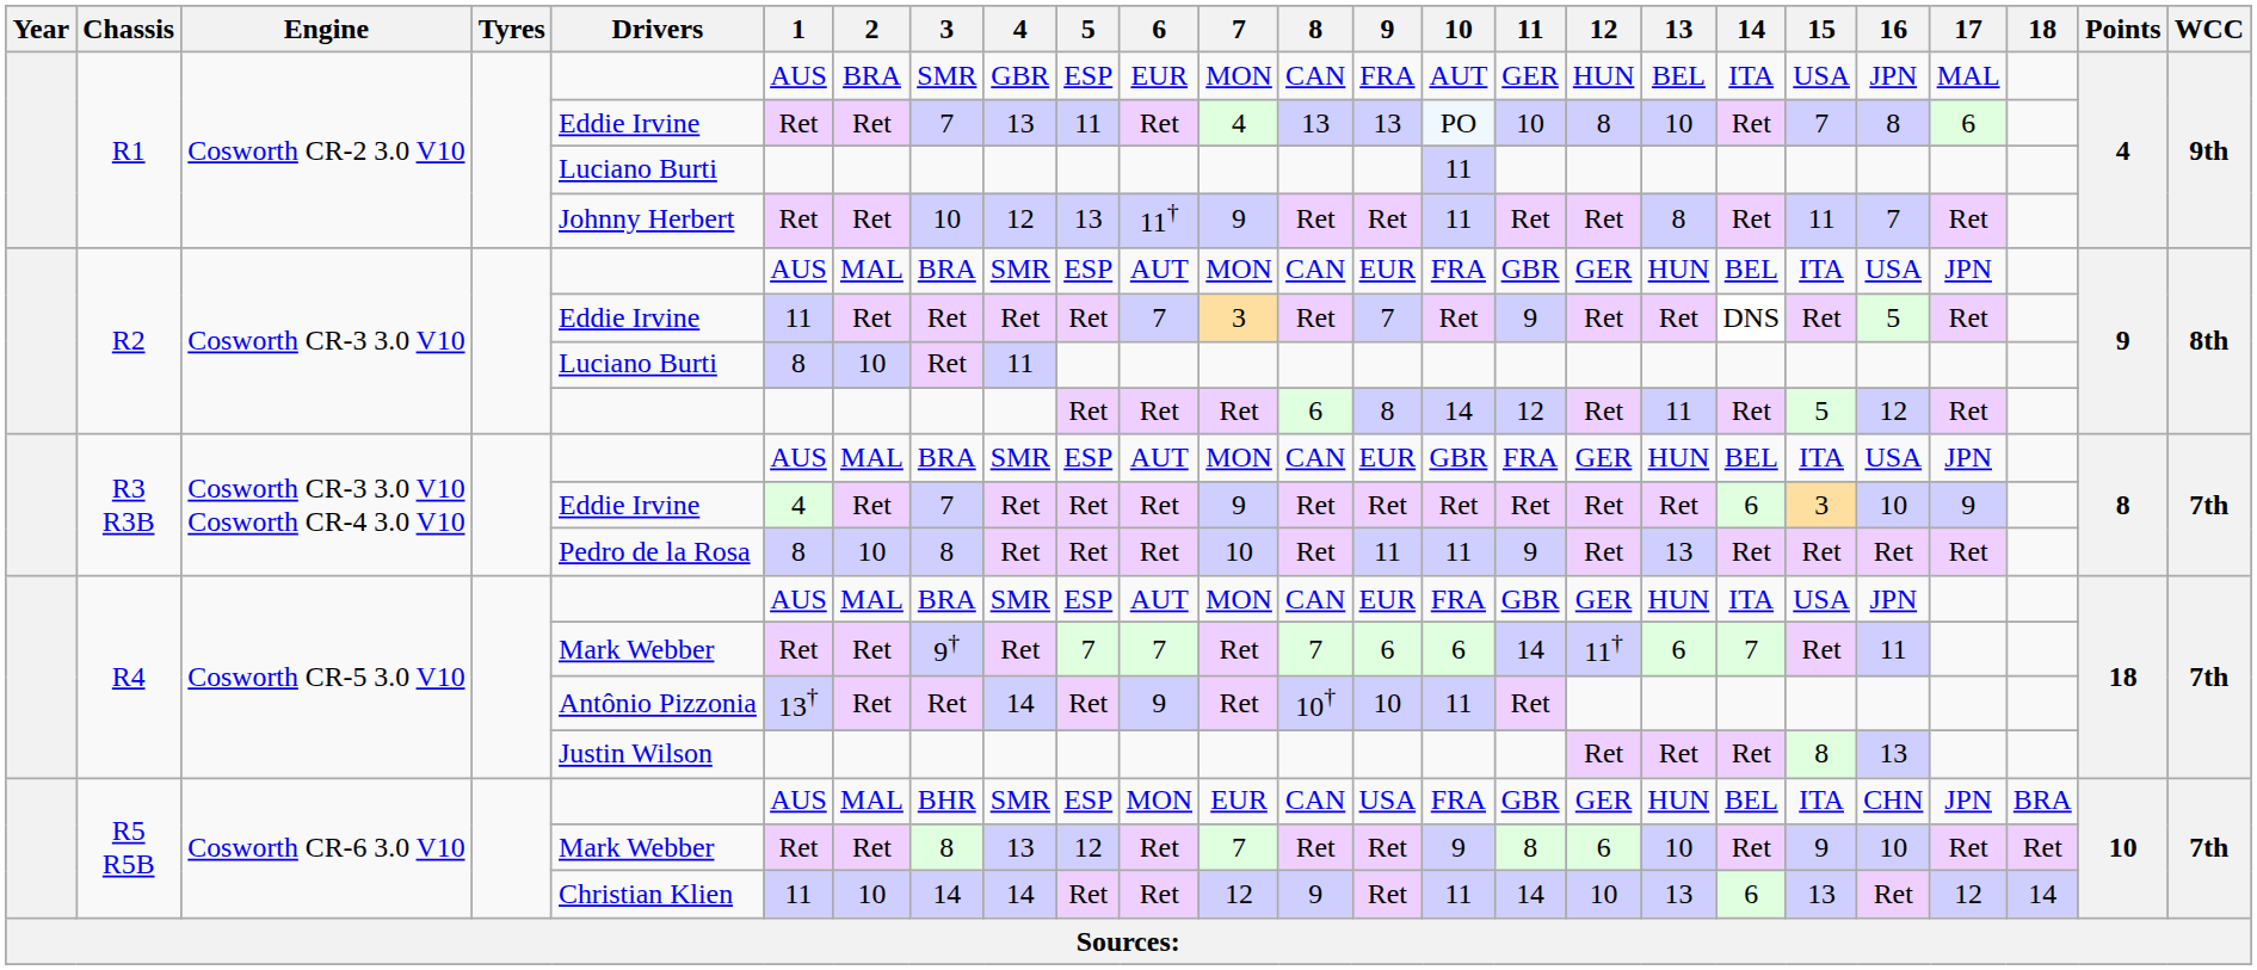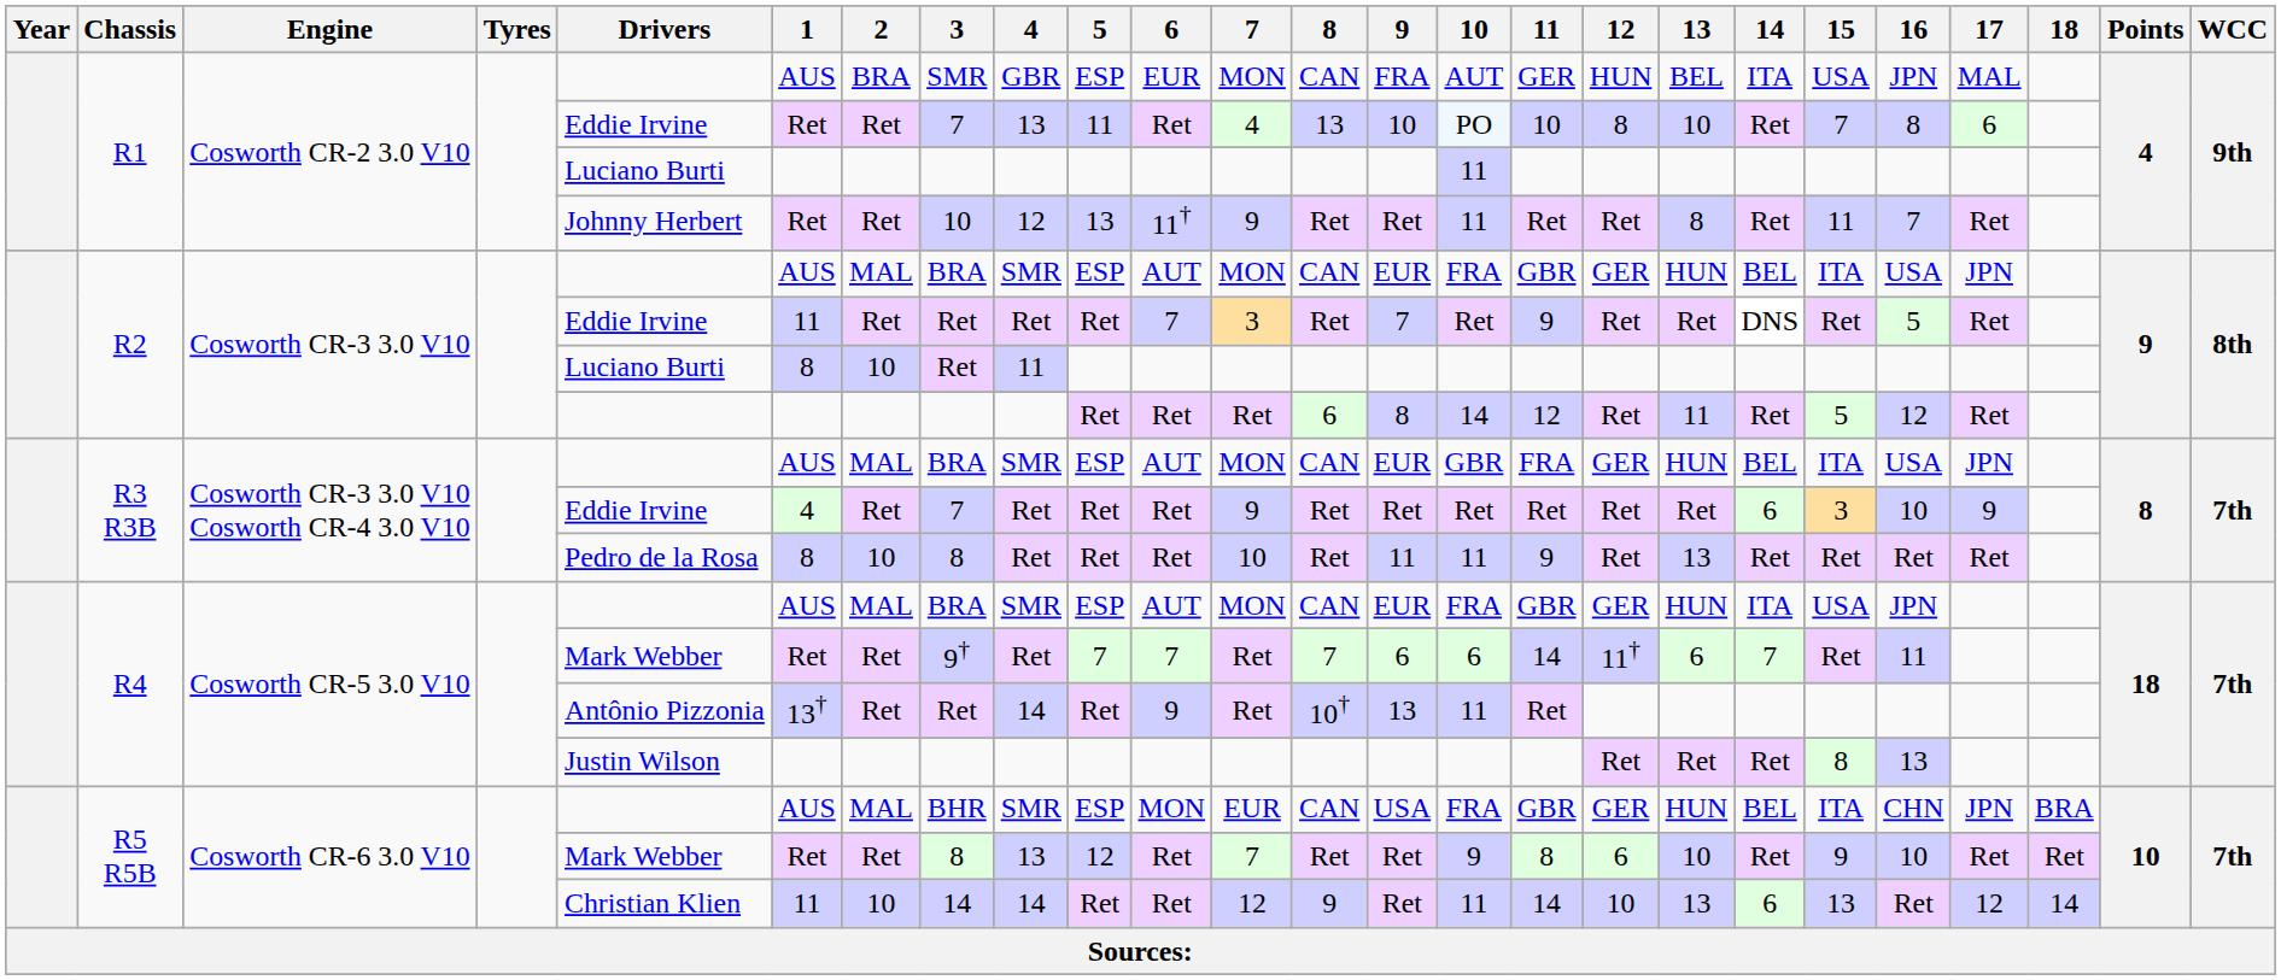 <table class="wikitable" style="text-align:center; font-size:85%">
 <tr>
 <th>Year</th>
 <th>Chassis</th>
 <th>Engine</th>
 <th>Tyres</th>
 <th>Drivers</th>
 <th>1</th>
 <th>2</th>
 <th>3</th>
 <th>4</th>
 <th>5</th>
 <th>6</th>
 <th>7</th>
 <th>8</th>
 <th>9</th>
 <th>10</th>
 <th>11</th>
 <th>12</th>
 <th>13</th>
 <th>14</th>
 <th>15</th>
 <th>16</th>
 <th>17</th>
 <th>18</th>
 <th>Points</th>
 <th>WCC</th>
 </tr>
 <tr>
 <th rowspan="4"></th>
 <td rowspan="4"><a href='#'>R1</a></td>
 <td rowspan="4"><a href='#'>Cosworth</a> CR-2 3.0 <a href='#'>V10</a></td>
 <td rowspan="4"></td>
 <td></td>
 <td><a href='#'>AUS</a></td>
 <td><a href='#'>BRA</a></td>
 <td><a href='#'>SMR</a></td>
 <td><a href='#'>GBR</a></td>
 <td><a href='#'>ESP</a></td>
 <td><a href='#'>EUR</a></td>
 <td><a href='#'>MON</a></td>
 <td><a href='#'>CAN</a></td>
 <td><a href='#'>FRA</a></td>
 <td><a href='#'>AUT</a></td>
 <td><a href='#'>GER</a></td>
 <td><a href='#'>HUN</a></td>
 <td><a href='#'>BEL</a></td>
 <td><a href='#'>ITA</a></td>
 <td><a href='#'>USA</a></td>
 <td><a href='#'>JPN</a></td>
 <td><a href='#'>MAL</a></td>
 <td></td>
 <th rowspan="4">4</th>
 <th rowspan="4">9th</th>
 </tr>
 <tr>
 <td style="text-align:left"> <a href='#'>Eddie Irvine</a></td>
 <td style="background:#EFCFFF">Ret</td>
 <td style="background:#EFCFFF">Ret</td>
 <td style="background:#CFCFFF">7</td>
 <td style="background:#CFCFFF">13</td>
 <td style="background:#CFCFFF">11</td>
 <td style="background:#EFCFFF">Ret</td>
 <td style="background:#DFFFDF">4</td>
 <td style="background:#CFCFFF">13</td>
-<td style="background:#CFCFFF">13</td>
+<td style="background:#CFCFFF">10</td>
 <td style="background:#F0F8FF">PO</td>
 <td style="background:#CFCFFF">10</td>
 <td style="background:#CFCFFF">8</td>
 <td style="background:#CFCFFF">10</td>
 <td style="background:#EFCFFF">Ret</td>
 <td style="background:#CFCFFF">7</td>
 <td style="background:#CFCFFF">8</td>
 <td style="background:#DFFFDF">6</td>
 <td></td>
 </tr>
 <tr>
 <td style="text-align:left"> <a href='#'>Luciano Burti</a></td>
 <td></td>
 <td></td>
 <td></td>
 <td></td>
 <td></td>
 <td></td>
 <td></td>
 <td></td>
 <td></td>
 <td style="background:#CFCFFF">11</td>
 <td></td>
 <td></td>
 <td></td>
 <td></td>
 <td></td>
 <td></td>
 <td></td>
 <td></td>
 </tr>
 <tr>
 <td style="text-align:left"> <a href='#'>Johnny Herbert</a></td>
 <td style="background:#EFCFFF">Ret</td>
 <td style="background:#EFCFFF">Ret</td>
 <td style="background:#CFCFFF">10</td>
 <td style="background:#CFCFFF">12</td>
 <td style="background:#CFCFFF">13</td>
 <td style="background:#CFCFFF">11<sup>†</sup></td>
 <td style="background:#CFCFFF">9</td>
 <td style="background:#EFCFFF">Ret</td>
 <td style="background:#EFCFFF">Ret</td>
 <td style="background:#CFCFFF">11</td>
 <td style="background:#EFCFFF">Ret</td>
 <td style="background:#EFCFFF">Ret</td>
 <td style="background:#CFCFFF">8</td>
 <td style="background:#EFCFFF">Ret</td>
 <td style="background:#CFCFFF">11</td>
 <td style="background:#CFCFFF">7</td>
 <td style="background:#EFCFFF">Ret</td>
 <td></td>
 </tr>
 <tr>
 <th rowspan="4"></th>
 <td rowspan="4"><a href='#'>R2</a></td>
 <td rowspan="4"><a href='#'>Cosworth</a> CR-3 3.0 <a href='#'>V10</a></td>
 <td rowspan="4"></td>
 <td></td>
 <td><a href='#'>AUS</a></td>
 <td><a href='#'>MAL</a></td>
 <td><a href='#'>BRA</a></td>
 <td><a href='#'>SMR</a></td>
 <td><a href='#'>ESP</a></td>
 <td><a href='#'>AUT</a></td>
 <td><a href='#'>MON</a></td>
 <td><a href='#'>CAN</a></td>
 <td><a href='#'>EUR</a></td>
 <td><a href='#'>FRA</a></td>
 <td><a href='#'>GBR</a></td>
 <td><a href='#'>GER</a></td>
 <td><a href='#'>HUN</a></td>
 <td><a href='#'>BEL</a></td>
 <td><a href='#'>ITA</a></td>
 <td><a href='#'>USA</a></td>
 <td><a href='#'>JPN</a></td>
 <td></td>
 <th rowspan="4">9</th>
 <th rowspan="4">8th</th>
 </tr>
 <tr>
 <td style="text-align:left"> <a href='#'>Eddie Irvine</a></td>
 <td style="background:#CFCFFF">11</td>
 <td style="background:#EFCFFF">Ret</td>
 <td style="background:#EFCFFF">Ret</td>
 <td style="background:#EFCFFF">Ret</td>
 <td style="background:#EFCFFF">Ret</td>
 <td style="background:#CFCFFF">7</td>
 <td style="background:#FFDF9F">3</td>
 <td style="background:#EFCFFF">Ret</td>
 <td style="background:#CFCFFF">7</td>
 <td style="background:#EFCFFF">Ret</td>
 <td style="background:#CFCFFF">9</td>
 <td style="background:#EFCFFF">Ret</td>
 <td style="background:#EFCFFF">Ret</td>
 <td style="background:#FFF">DNS</td>
 <td style="background:#EFCFFF">Ret</td>
 <td style="background:#DFFFDF">5</td>
 <td style="background:#EFCFFF">Ret</td>
 <td></td>
 </tr>
 <tr>
 <td style="text-align:left"> <a href='#'>Luciano Burti</a></td>
 <td style="background:#CFCFFF">8</td>
 <td style="background:#CFCFFF">10</td>
 <td style="background:#EFCFFF">Ret</td>
 <td style="background:#CFCFFF">11</td>
 <td></td>
 <td></td>
 <td></td>
 <td></td>
 <td></td>
 <td></td>
 <td></td>
 <td></td>
 <td></td>
 <td></td>
 <td></td>
 <td></td>
 <td></td>
 <td></td>
 </tr>
 <tr>
 <td style="text-align:left"></td>
 <td></td>
 <td></td>
 <td></td>
 <td></td>
 <td style="background:#EFCFFF">Ret</td>
 <td style="background:#EFCFFF">Ret</td>
 <td style="background:#EFCFFF">Ret</td>
 <td style="background:#DFFFDF">6</td>
 <td style="background:#CFCFFF">8</td>
 <td style="background:#CFCFFF">14</td>
 <td style="background:#CFCFFF">12</td>
 <td style="background:#EFCFFF">Ret</td>
 <td style="background:#CFCFFF">11</td>
 <td style="background:#EFCFFF">Ret</td>
 <td style="background:#DFFFDF">5</td>
 <td style="background:#CFCFFF">12</td>
 <td style="background:#EFCFFF">Ret</td>
 <td></td>
 </tr>
 <tr>
 <th rowspan="3"></th>
 <td rowspan="3"><a href='#'>R3</a><br><a href='#'>R3B</a></td>
 <td rowspan="3"><a href='#'>Cosworth</a> CR-3 3.0 <a href='#'>V10</a><br><a href='#'>Cosworth</a> CR-4 3.0 <a href='#'>V10</a></td>
 <td rowspan="3"></td>
 <td></td>
 <td><a href='#'>AUS</a></td>
 <td><a href='#'>MAL</a></td>
 <td><a href='#'>BRA</a></td>
 <td><a href='#'>SMR</a></td>
 <td><a href='#'>ESP</a></td>
 <td><a href='#'>AUT</a></td>
 <td><a href='#'>MON</a></td>
 <td><a href='#'>CAN</a></td>
 <td><a href='#'>EUR</a></td>
 <td><a href='#'>GBR</a></td>
 <td><a href='#'>FRA</a></td>
 <td><a href='#'>GER</a></td>
 <td><a href='#'>HUN</a></td>
 <td><a href='#'>BEL</a></td>
 <td><a href='#'>ITA</a></td>
 <td><a href='#'>USA</a></td>
 <td><a href='#'>JPN</a></td>
 <td></td>
 <th rowspan="3">8</th>
 <th rowspan="3">7th</th>
 </tr>
 <tr>
 <td style="text-align:left"> <a href='#'>Eddie Irvine</a></td>
 <td style="background:#DFFFDF">4</td>
 <td style="background:#EFCFFF">Ret</td>
 <td style="background:#CFCFFF">7</td>
 <td style="background:#EFCFFF">Ret</td>
 <td style="background:#EFCFFF">Ret</td>
 <td style="background:#EFCFFF">Ret</td>
 <td style="background:#CFCFFF">9</td>
 <td style="background:#EFCFFF">Ret</td>
 <td style="background:#EFCFFF">Ret</td>
 <td style="background:#EFCFFF">Ret</td>
 <td style="background:#EFCFFF">Ret</td>
 <td style="background:#EFCFFF">Ret</td>
 <td style="background:#EFCFFF">Ret</td>
 <td style="background:#DFFFDF">6</td>
 <td style="background:#FFDF9F">3</td>
 <td style="background:#CFCFFF">10</td>
 <td style="background:#CFCFFF">9</td>
 <td></td>
 </tr>
 <tr>
 <td style="text-align:left"> <a href='#'>Pedro de la Rosa</a></td>
 <td style="background:#CFCFFF">8</td>
 <td style="background:#CFCFFF">10</td>
 <td style="background:#CFCFFF">8</td>
 <td style="background:#EFCFFF">Ret</td>
 <td style="background:#EFCFFF">Ret</td>
 <td style="background:#EFCFFF">Ret</td>
 <td style="background:#CFCFFF">10</td>
 <td style="background:#EFCFFF">Ret</td>
 <td style="background:#CFCFFF">11</td>
 <td style="background:#CFCFFF">11</td>
 <td style="background:#CFCFFF">9</td>
 <td style="background:#EFCFFF">Ret</td>
 <td style="background:#CFCFFF">13</td>
 <td style="background:#EFCFFF">Ret</td>
 <td style="background:#EFCFFF">Ret</td>
 <td style="background:#EFCFFF">Ret</td>
 <td style="background:#EFCFFF">Ret</td>
 <td></td>
 </tr>
 <tr>
 <th rowspan="4"></th>
 <td rowspan="4"><a href='#'>R4</a></td>
 <td rowspan="4"><a href='#'>Cosworth</a> CR-5 3.0 <a href='#'>V10</a></td>
 <td rowspan="4"></td>
 <td></td>
 <td><a href='#'>AUS</a></td>
 <td><a href='#'>MAL</a></td>
 <td><a href='#'>BRA</a></td>
 <td><a href='#'>SMR</a></td>
 <td><a href='#'>ESP</a></td>
 <td><a href='#'>AUT</a></td>
 <td><a href='#'>MON</a></td>
 <td><a href='#'>CAN</a></td>
 <td><a href='#'>EUR</a></td>
 <td><a href='#'>FRA</a></td>
 <td><a href='#'>GBR</a></td>
 <td><a href='#'>GER</a></td>
 <td><a href='#'>HUN</a></td>
 <td><a href='#'>ITA</a></td>
 <td><a href='#'>USA</a></td>
 <td><a href='#'>JPN</a></td>
 <td></td>
 <td></td>
 <th rowspan="4">18</th>
 <th rowspan="4">7th</th>
 </tr>
 <tr>
 <td style="text-align:left"> <a href='#'>Mark Webber</a></td>
 <td style="background:#EFCFFF">Ret</td>
 <td style="background:#EFCFFF">Ret</td>
 <td style="background:#CFCFFF">9<sup>†</sup></td>
 <td style="background:#EFCFFF">Ret</td>
 <td style="background:#DFFFDF">7</td>
 <td style="background:#DFFFDF">7</td>
 <td style="background:#EFCFFF">Ret</td>
 <td style="background:#DFFFDF">7</td>
 <td style="background:#DFFFDF">6</td>
 <td style="background:#DFFFDF">6</td>
 <td style="background:#CFCFFF">14</td>
 <td style="background:#CFCFFF">11<sup>†</sup></td>
 <td style="background:#DFFFDF">6</td>
 <td style="background:#DFFFDF">7</td>
 <td style="background:#EFCFFF">Ret</td>
 <td style="background:#CFCFFF">11</td>
 <td></td>
 <td></td>
 </tr>
 <tr>
 <td style="text-align:left"> <a href='#'>Antônio Pizzonia</a></td>
 <td style="background:#CFCFFF">13<sup>†</sup></td>
 <td style="background:#EFCFFF">Ret</td>
 <td style="background:#EFCFFF">Ret</td>
 <td style="background:#CFCFFF">14</td>
 <td style="background:#EFCFFF">Ret</td>
 <td style="background:#CFCFFF">9</td>
 <td style="background:#EFCFFF">Ret</td>
 <td style="background:#CFCFFF">10<sup>†</sup></td>
-<td style="background:#CFCFFF">10</td>
+<td style="background:#CFCFFF">13</td>
 <td style="background:#CFCFFF">11</td>
 <td style="background:#EFCFFF">Ret</td>
 <td></td>
 <td></td>
 <td></td>
 <td></td>
 <td></td>
 <td></td>
 <td></td>
 </tr>
 <tr>
 <td style="text-align:left"> <a href='#'>Justin Wilson</a></td>
 <td></td>
 <td></td>
 <td></td>
 <td></td>
 <td></td>
 <td></td>
 <td></td>
 <td></td>
 <td></td>
 <td></td>
 <td></td>
 <td style="background:#EFCFFF">Ret</td>
 <td style="background:#EFCFFF">Ret</td>
 <td style="background:#EFCFFF">Ret</td>
 <td style="background:#DFFFDF">8</td>
 <td style="background:#CFCFFF">13</td>
 <td></td>
 <td></td>
 </tr>
 <tr>
 <th rowspan="3"></th>
 <td rowspan="3"><a href='#'>R5</a><br><a href='#'>R5B</a></td>
 <td rowspan="3"><a href='#'>Cosworth</a> CR-6 3.0 <a href='#'>V10</a></td>
 <td rowspan="3"></td>
 <td></td>
 <td><a href='#'>AUS</a></td>
 <td><a href='#'>MAL</a></td>
 <td><a href='#'>BHR</a></td>
 <td><a href='#'>SMR</a></td>
 <td><a href='#'>ESP</a></td>
 <td><a href='#'>MON</a></td>
 <td><a href='#'>EUR</a></td>
 <td><a href='#'>CAN</a></td>
 <td><a href='#'>USA</a></td>
 <td><a href='#'>FRA</a></td>
 <td><a href='#'>GBR</a></td>
 <td><a href='#'>GER</a></td>
 <td><a href='#'>HUN</a></td>
 <td><a href='#'>BEL</a></td>
 <td><a href='#'>ITA</a></td>
 <td><a href='#'>CHN</a></td>
 <td><a href='#'>JPN</a></td>
 <td><a href='#'>BRA</a></td>
 <th rowspan="3">10</th>
 <th rowspan="3">7th</th>
 </tr>
 <tr>
 <td style="text-align:left"> <a href='#'>Mark Webber</a></td>
 <td style="background:#EFCFFF">Ret</td>
 <td style="background:#EFCFFF">Ret</td>
 <td style="background:#DFFFDF">8</td>
 <td style="background:#CFCFFF">13</td>
 <td style="background:#CFCFFF">12</td>
 <td style="background:#EFCFFF">Ret</td>
 <td style="background:#DFFFDF">7</td>
 <td style="background:#EFCFFF">Ret</td>
 <td style="background:#EFCFFF">Ret</td>
 <td style="background:#CFCFFF">9</td>
 <td style="background:#DFFFDF">8</td>
 <td style="background:#DFFFDF">6</td>
 <td style="background:#CFCFFF">10</td>
 <td style="background:#EFCFFF">Ret</td>
 <td style="background:#CFCFFF">9</td>
 <td style="background:#CFCFFF">10</td>
 <td style="background:#EFCFFF">Ret</td>
 <td style="background:#EFCFFF">Ret</td>
 </tr>
 <tr>
 <td style="text-align:left"> <a href='#'>Christian Klien</a></td>
 <td style="background:#CFCFFF">11</td>
 <td style="background:#CFCFFF">10</td>
 <td style="background:#CFCFFF">14</td>
 <td style="background:#CFCFFF">14</td>
 <td style="background:#EFCFFF">Ret</td>
 <td style="background:#EFCFFF">Ret</td>
 <td style="background:#CFCFFF">12</td>
 <td style="background:#CFCFFF">9</td>
 <td style="background:#EFCFFF">Ret</td>
 <td style="background:#CFCFFF">11</td>
 <td style="background:#CFCFFF">14</td>
 <td style="background:#CFCFFF">10</td>
 <td style="background:#CFCFFF">13</td>
 <td style="background:#DFFFDF">6</td>
 <td style="background:#CFCFFF">13</td>
 <td style="background:#EFCFFF">Ret</td>
 <td style="background:#CFCFFF">12</td>
 <td style="background:#CFCFFF">14</td>
 </tr>
 <tr>
 <th colspan="25">Sources:</th>
 </tr>
 </table>
